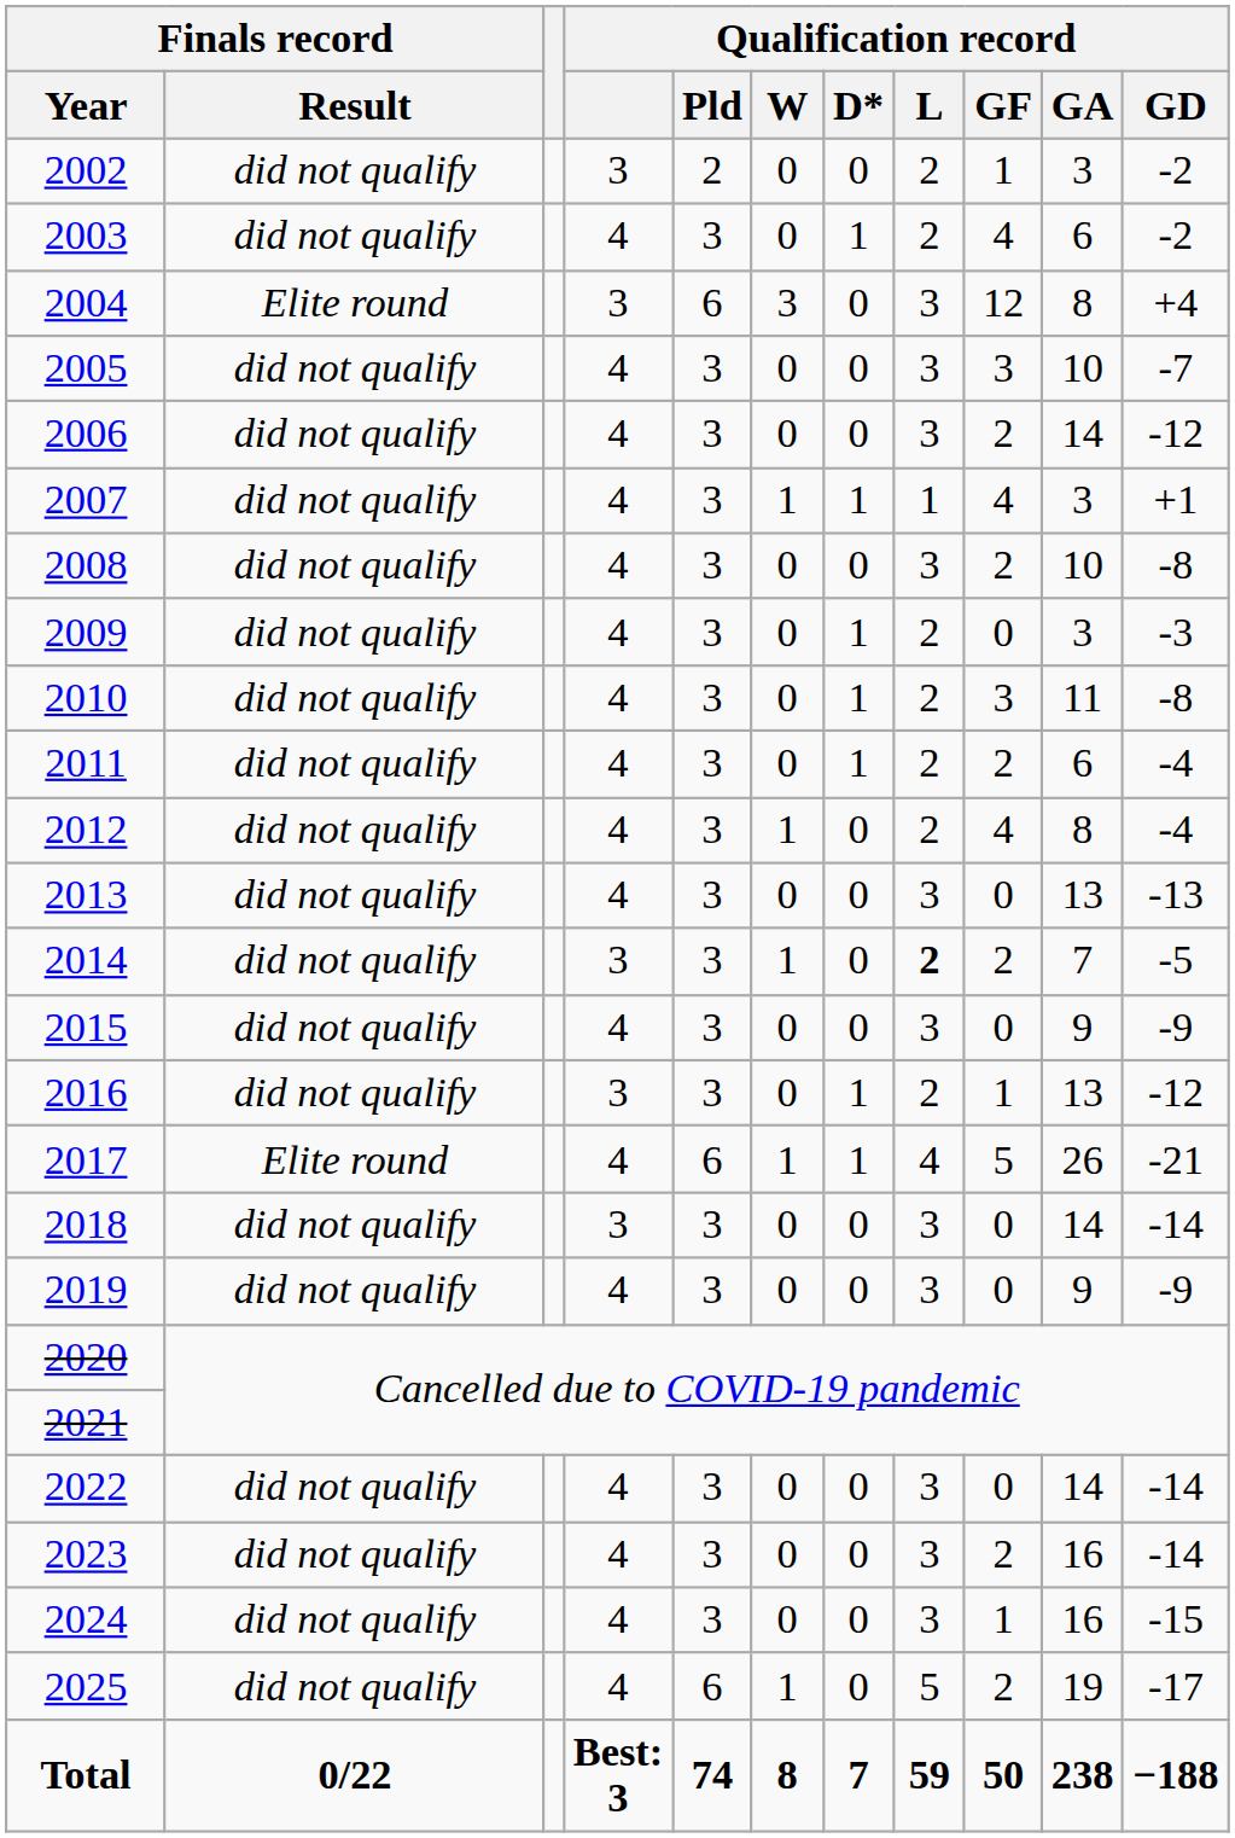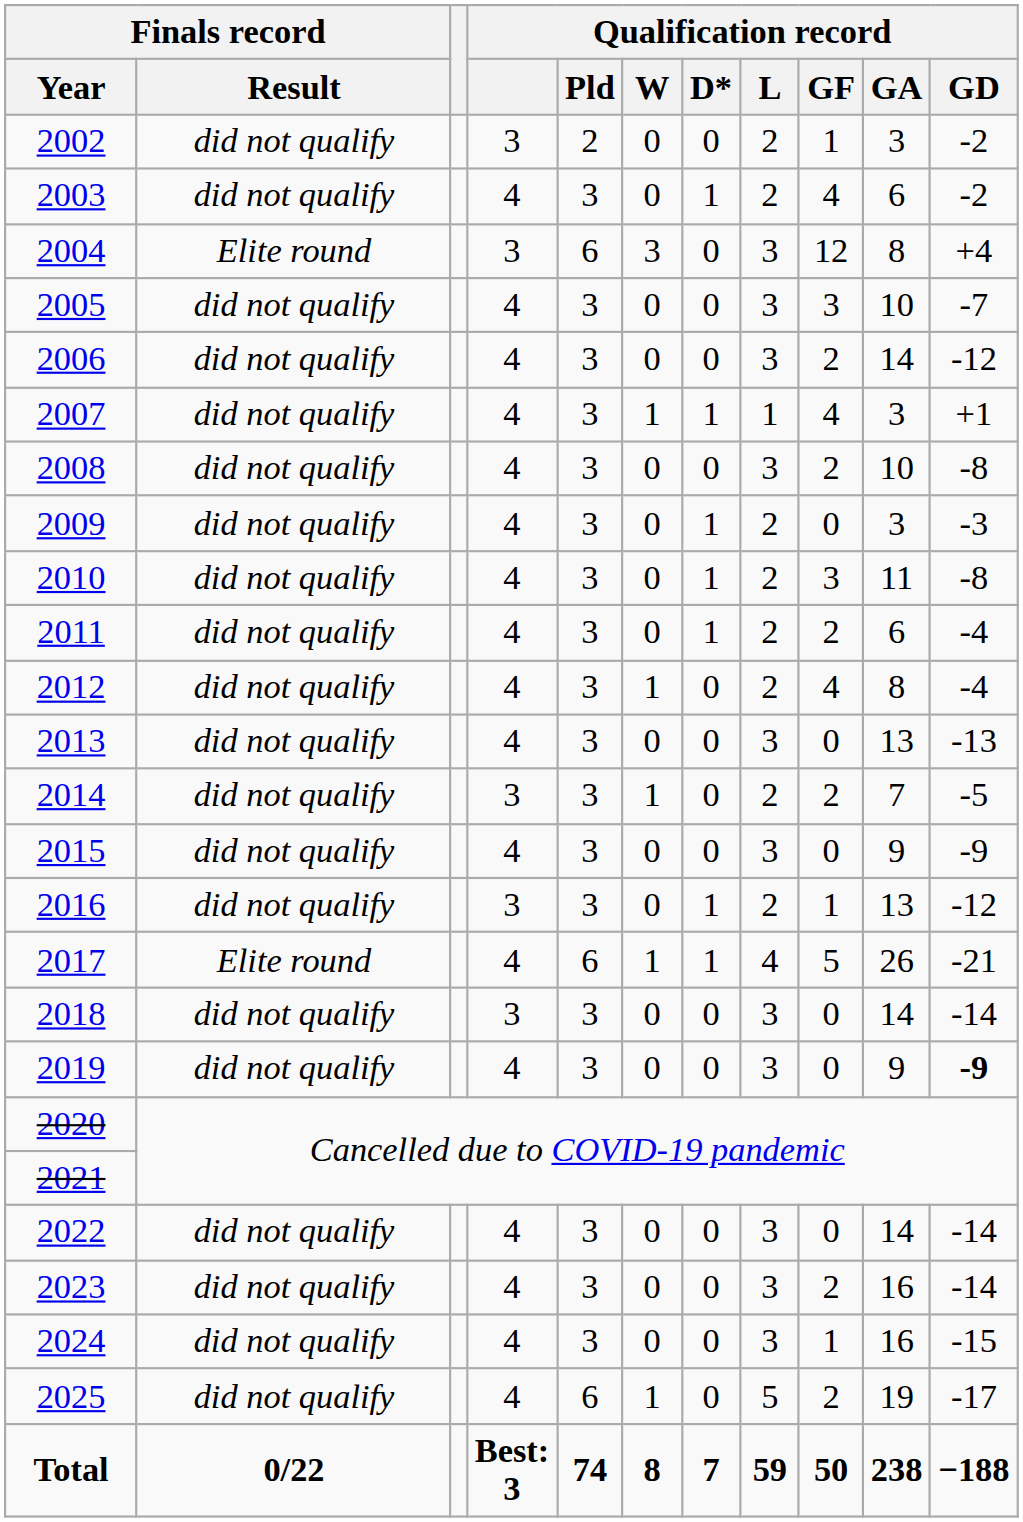 <table class="wikitable" style="text-align: center;">
 <tr>
 <th colspan=2 width="200">Finals record</th>
 <th rowspan=2></th>
 <th colspan=8>Qualification record</th>
 </tr>
 <tr>
 <th>Year</th>
 <th>Result</th>
 <th width=20></th>
 <th width=20>Pld</th>
 <th width=20>W</th>
 <th width=20>D*</th>
 <th width=20>L</th>
 <th width=20>GF</th>
 <th width=20>GA</th>
 <th width=25>GD</th>
 </tr>
 <tr>
 <td> <a href='#'>2002</a></td>
 <td><em>did not qualify</em></td>
 <td></td>
 <td>3</td>
 <td>2</td>
 <td>0</td>
 <td>0</td>
 <td>2</td>
 <td>1</td>
 <td>3</td>
 <td>-2</td>
 </tr>
 <tr>
 <td> <a href='#'>2003</a></td>
 <td><em>did not qualify</em></td>
 <td></td>
 <td>4</td>
 <td>3</td>
 <td>0</td>
 <td>1</td>
 <td>2</td>
 <td>4</td>
 <td>6</td>
 <td>-2</td>
 </tr>
 <tr>
 <td> <a href='#'>2004</a></td>
 <td><em>Elite round</em></td>
 <td></td>
 <td>3</td>
 <td>6</td>
 <td>3</td>
 <td>0</td>
 <td>3</td>
 <td>12</td>
 <td>8</td>
 <td>+4</td>
 </tr>
 <tr>
 <td> <a href='#'>2005</a></td>
 <td><em>did not qualify</em></td>
 <td></td>
 <td>4</td>
 <td>3</td>
 <td>0</td>
 <td>0</td>
 <td>3</td>
 <td>3</td>
 <td>10</td>
 <td>-7</td>
 </tr>
 <tr>
 <td> <a href='#'>2006</a></td>
 <td><em>did not qualify</em></td>
 <td></td>
 <td>4</td>
 <td>3</td>
 <td>0</td>
 <td>0</td>
 <td>3</td>
 <td>2</td>
 <td>14</td>
 <td>-12</td>
 </tr>
 <tr>
 <td> <a href='#'>2007</a></td>
 <td><em>did not qualify</em></td>
 <td></td>
 <td>4</td>
 <td>3</td>
 <td>1</td>
 <td>1</td>
 <td>1</td>
 <td>4</td>
 <td>3</td>
 <td>+1</td>
 </tr>
 <tr>
 <td> <a href='#'>2008</a></td>
 <td><em>did not qualify</em></td>
 <td></td>
 <td>4</td>
 <td>3</td>
 <td>0</td>
 <td>0</td>
 <td>3</td>
 <td>2</td>
 <td>10</td>
 <td>-8</td>
 </tr>
 <tr>
 <td> <a href='#'>2009</a></td>
 <td><em>did not qualify</em></td>
 <td></td>
 <td>4</td>
 <td>3</td>
 <td>0</td>
 <td>1</td>
 <td>2</td>
 <td>0</td>
 <td>3</td>
 <td>-3</td>
 </tr>
 <tr>
 <td> <a href='#'>2010</a></td>
 <td><em>did not qualify</em></td>
 <td></td>
 <td>4</td>
 <td>3</td>
 <td>0</td>
 <td>1</td>
 <td>2</td>
 <td>3</td>
 <td>11</td>
 <td>-8</td>
 </tr>
 <tr>
 <td> <a href='#'>2011</a></td>
 <td><em>did not qualify</em></td>
 <td></td>
 <td>4</td>
 <td>3</td>
 <td>0</td>
 <td>1</td>
 <td>2</td>
 <td>2</td>
 <td>6</td>
 <td>-4</td>
 </tr>
 <tr>
 <td> <a href='#'>2012</a></td>
 <td><em>did not qualify</em></td>
 <td></td>
 <td>4</td>
 <td>3</td>
 <td>1</td>
 <td>0</td>
 <td>2</td>
 <td>4</td>
 <td>8</td>
 <td>-4</td>
 </tr>
 <tr>
 <td> <a href='#'>2013</a></td>
 <td><em>did not qualify</em></td>
 <td></td>
 <td>4</td>
 <td>3</td>
 <td>0</td>
 <td>0</td>
 <td>3</td>
 <td>0</td>
 <td>13</td>
 <td>-13</td>
 </tr>
 <tr>
 <td> <a href='#'>2014</a></td>
 <td><em>did not qualify</em></td>
 <td></td>
 <td>3</td>
 <td>3</td>
 <td>1</td>
 <td>0</td>
-<td><strong>2</strong></td>
+<td>2</td>
 <td>2</td>
 <td>7</td>
 <td>-5</td>
 </tr>
 <tr>
 <td> <a href='#'>2015</a></td>
 <td><em>did not qualify</em></td>
 <td></td>
 <td>4</td>
 <td>3</td>
 <td>0</td>
 <td>0</td>
 <td>3</td>
 <td>0</td>
 <td>9</td>
 <td>-9</td>
 </tr>
 <tr>
 <td> <a href='#'>2016</a></td>
 <td><em>did not qualify</em></td>
 <td></td>
 <td>3</td>
 <td>3</td>
 <td>0</td>
 <td>1</td>
 <td>2</td>
 <td>1</td>
 <td>13</td>
 <td>-12</td>
 </tr>
 <tr>
 <td> <a href='#'>2017</a></td>
 <td><em>Elite round</em></td>
 <td></td>
 <td>4</td>
 <td>6</td>
 <td>1</td>
 <td>1</td>
 <td>4</td>
 <td>5</td>
 <td>26</td>
 <td>-21</td>
 </tr>
 <tr>
 <td> <a href='#'>2018</a></td>
 <td><em>did not qualify</em></td>
 <td></td>
 <td>3</td>
 <td>3</td>
 <td>0</td>
 <td>0</td>
 <td>3</td>
 <td>0</td>
 <td>14</td>
 <td>-14</td>
 </tr>
 <tr>
 <td> <a href='#'>2019</a></td>
 <td><em>did not qualify</em></td>
 <td></td>
 <td>4</td>
 <td>3</td>
 <td>0</td>
 <td>0</td>
 <td>3</td>
 <td>0</td>
 <td>9</td>
-<td>-9</td>
+<td><strong>-9</strong></td>
 </tr>
 <tr>
 <td> <s><a href='#'>2020</a></s></td>
 <td rowspan=2 colspan=10><em>Cancelled due to <a href='#'>COVID-19 pandemic</a></em></td>
 </tr>
 <tr>
 <td> <s><a href='#'>2021</a></s></td>
 </tr>
 <tr>
 <td> <a href='#'>2022</a></td>
 <td><em>did not qualify</em></td>
 <td></td>
 <td>4</td>
 <td>3</td>
 <td>0</td>
 <td>0</td>
 <td>3</td>
 <td>0</td>
 <td>14</td>
 <td>-14</td>
 </tr>
 <tr>
 <td> <a href='#'>2023</a></td>
 <td><em>did not qualify</em></td>
 <td></td>
 <td>4</td>
 <td>3</td>
 <td>0</td>
 <td>0</td>
 <td>3</td>
 <td>2</td>
 <td>16</td>
 <td>-14</td>
 </tr>
 <tr>
 <td> <a href='#'>2024</a></td>
 <td><em>did not qualify</em></td>
 <td></td>
 <td>4</td>
 <td>3</td>
 <td>0</td>
 <td>0</td>
 <td>3</td>
 <td>1</td>
 <td>16</td>
 <td>-15</td>
 </tr>
 <tr>
 <td> <a href='#'>2025</a></td>
 <td><em>did not qualify</em></td>
 <td></td>
 <td>4</td>
 <td>6</td>
 <td>1</td>
 <td>0</td>
 <td>5</td>
 <td>2</td>
 <td>19</td>
 <td>-17</td>
 </tr>
 <tr>
 <td><strong>Total</strong></td>
 <td><strong>0/22</strong></td>
 <td></td>
 <td><strong>Best: 3</strong></td>
 <td><strong>74</strong></td>
 <td><strong>8</strong></td>
 <td><strong>7</strong></td>
 <td><strong>59</strong></td>
 <td><strong>50</strong></td>
 <td><strong>238</strong></td>
 <td><strong>−188</strong></td>
 </tr>
 </table>
